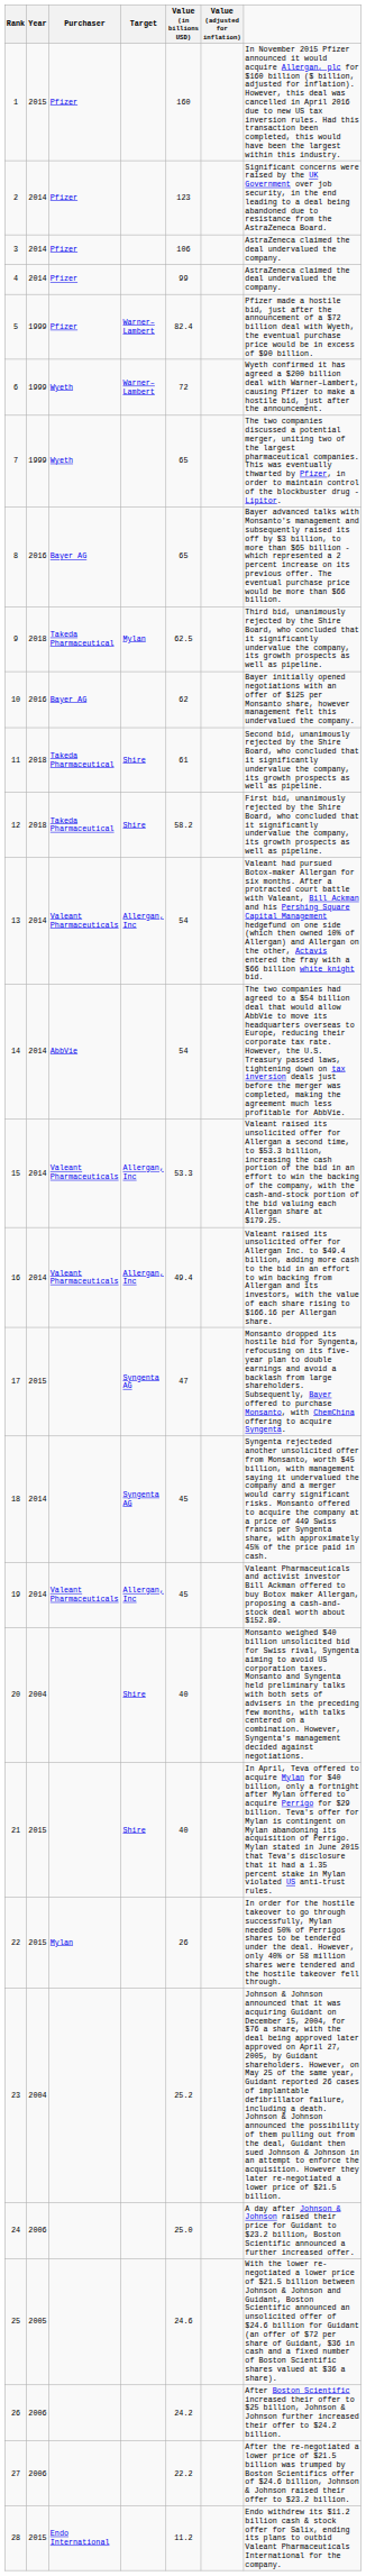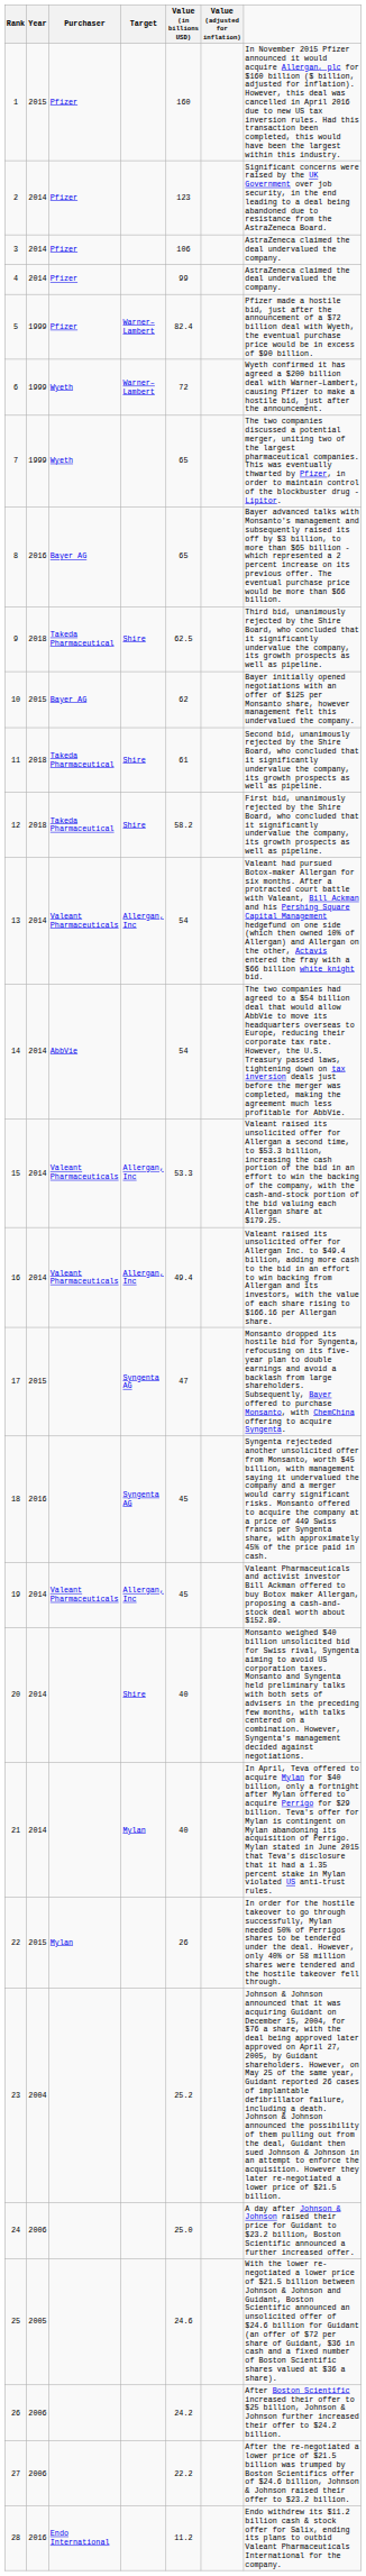 <table class="wikitable sortable">
 <tr>
 <th>Rank</th>
 <th>Year</th>
 <th>Purchaser</th>
 <th>Target</th>
 <th>Value<br><small>(in billions USD)</small></th>
 <th>Value<br><small>(adjusted for inflation)</small></th>
 </tr>
 <tr>
 <td style="text-align:center;">1</td>
 <td>2015</td>
 <td> <a href='#'>Pfizer</a></td>
 <td></td>
 <td style="text-align:center;">160</td>
 <td style="text-align:center;"></td>
 <td>In November 2015 Pfizer announced it would acquire <a href='#'>Allergan, plc</a> for $160 billion ($ billion, adjusted for inflation). However, this deal was cancelled in April 2016 due to new US tax inversion rules. Had this transaction been completed, this would have been the largest within this industry.</td>
 </tr>
 <tr>
 <td style="text-align:center;">2</td>
 <td>2014</td>
 <td> <a href='#'>Pfizer</a></td>
 <td></td>
 <td style="text-align:center;">123</td>
 <td style="text-align:center;"></td>
 <td>Significant concerns were raised by the <a href='#'>UK Government</a> over job security, in the end leading to a deal being abandoned due to resistance from the AstraZeneca Board.</td>
 </tr>
 <tr>
 <td style="text-align:center;">3</td>
 <td>2014</td>
 <td> <a href='#'>Pfizer</a></td>
 <td></td>
 <td style="text-align:center;">106</td>
 <td style="text-align:center;"></td>
 <td>AstraZeneca claimed the deal undervalued the company.</td>
 </tr>
 <tr>
 <td style="text-align:center;">4</td>
 <td style="text-align:center;">2014</td>
 <td> <a href='#'>Pfizer</a></td>
 <td></td>
 <td style="text-align:center;">99</td>
 <td style="text-align:center;"></td>
 <td>AstraZeneca claimed the deal undervalued the company.</td>
 </tr>
 <tr>
 <td style="text-align:center;">5</td>
 <td>1999</td>
 <td> <a href='#'>Pfizer</a></td>
 <td> <a href='#'>Warner–Lambert</a></td>
 <td style="text-align:center;">82.4</td>
 <td style="text-align:center;"></td>
 <td>Pfizer made a hostile bid, just after the announcement of a $72 billion deal with Wyeth, the eventual purchase price would be in excess of $90 billion.</td>
 </tr>
 <tr>
 <td style="text-align:center;">6</td>
 <td>1999</td>
 <td> <a href='#'>Wyeth</a></td>
 <td> <a href='#'>Warner–Lambert</a></td>
 <td style="text-align:center;">72</td>
 <td style="text-align:center;"></td>
 <td>Wyeth confirmed it has agreed a $200 billion deal with Warner–Lambert, causing Pfizer to make a hostile bid, just after the announcement.</td>
 </tr>
 <tr>
 <td style="text-align:center;">7</td>
 <td>1999</td>
 <td> <a href='#'>Wyeth</a></td>
 <td></td>
 <td style="text-align:center;">65</td>
 <td style="text-align:center;"></td>
 <td>The two companies discussed a potential merger, uniting two of the largest pharmaceutical companies. This was eventually thwarted by <a href='#'>Pfizer</a>, in order to maintain control of the blockbuster drug - <a href='#'>Lipitor</a>.</td>
 </tr>
 <tr>
 <td style="text-align:center;">8</td>
 <td>2016</td>
 <td> <a href='#'>Bayer AG</a></td>
 <td></td>
 <td style="text-align:center;">65</td>
 <td style="text-align:center;"></td>
 <td>Bayer advanced talks with Monsanto's management and subsequently raised its off by $3 billion, to more than $65 billion - which represented a 2 percent increase on its previous offer. The eventual purchase price would be more than $66 billion.</td>
 </tr>
 <tr>
 <td style="text-align:center;">9</td>
 <td>2018</td>
 <td> <a href='#'>Takeda Pharmaceutical</a></td>
-<td> <a href='#'>Mylan</a></td>
+<td> <a href='#'>Shire</a></td>
 <td style="text-align:center;">62.5</td>
 <td style="text-align:center;"></td>
 <td>Third bid, unanimously rejected by the Shire Board, who concluded that it significantly undervalue the company, its growth prospects as well as pipeline.</td>
 </tr>
 <tr>
 <td style="text-align:center;">10</td>
-<td>2016</td>
+<td>2015</td>
 <td> <a href='#'>Bayer AG</a></td>
 <td></td>
 <td style="text-align:center;">62</td>
 <td style="text-align:center;"></td>
 <td>Bayer initially opened negotiations with an offer of $125 per Monsanto share, however management felt this undervalued the company.</td>
 </tr>
 <tr>
 <td style="text-align:center;">11</td>
 <td>2018</td>
 <td> <a href='#'>Takeda Pharmaceutical</a></td>
 <td> <a href='#'>Shire</a></td>
 <td style="text-align:center;">61</td>
 <td style="text-align:center;"></td>
 <td>Second bid, unanimously rejected by the Shire Board, who concluded that it significantly undervalue the company, its growth prospects as well as pipeline.</td>
 </tr>
 <tr>
 <td style="text-align:center;">12</td>
 <td>2018</td>
 <td> <a href='#'>Takeda Pharmaceutical</a></td>
 <td> <a href='#'>Shire</a></td>
 <td style="text-align:center;">58.2</td>
 <td style="text-align:center;"></td>
 <td>First bid, unanimously rejected by the Shire Board, who concluded that it significantly undervalue the company, its growth prospects as well as pipeline.</td>
 </tr>
 <tr>
 <td style="text-align:center;">13</td>
 <td>2014</td>
 <td> <a href='#'>Valeant Pharmaceuticals</a></td>
 <td> <a href='#'>Allergan, Inc</a></td>
 <td style="text-align:center;">54</td>
 <td style="text-align:center;"></td>
 <td>Valeant had pursued Botox-maker Allergan for six months. After a protracted court battle with Valeant, <a href='#'>Bill Ackman</a> and his <a href='#'>Pershing Square Capital Management</a> hedgefund on one side (which then owned 10% of Allergan) and Allergan on the other, <a href='#'>Actavis</a> entered the fray with a $66 billion <a href='#'>white knight</a> bid.</td>
 </tr>
 <tr>
 <td style="text-align:center;">14</td>
 <td>2014</td>
 <td> <a href='#'>AbbVie</a></td>
 <td></td>
 <td style="text-align:center;">54</td>
 <td style="text-align:center;"></td>
 <td>The two companies had agreed to a $54 billion deal that would allow AbbVie to move its headquarters overseas to Europe, reducing their corporate tax rate. However, the U.S. Treasury passed laws, tightening down on <a href='#'>tax inversion</a> deals just before the merger was completed, making the agreement much less profitable for AbbVie.</td>
 </tr>
 <tr>
 <td style="text-align:center;">15</td>
 <td>2014</td>
 <td> <a href='#'>Valeant Pharmaceuticals</a></td>
 <td> <a href='#'>Allergan, Inc</a></td>
 <td style="text-align:center;">53.3</td>
 <td style="text-align:center;"></td>
 <td>Valeant raised its unsolicited offer for Allergan a second time, to $53.3 billion, increasing the cash portion of the bid in an effort to win the backing of the company, with the cash-and-stock portion of the bid valuing each Allergan share at $179.25.</td>
 </tr>
 <tr>
 <td style="text-align:center;">16</td>
 <td>2014</td>
 <td> <a href='#'>Valeant Pharmaceuticals</a></td>
 <td> <a href='#'>Allergan, Inc</a></td>
 <td style="text-align:center;">49.4</td>
 <td style="text-align:center;"></td>
 <td>Valeant raised its unsolicited offer for Allergan Inc. to $49.4 billion, adding more cash to the bid in an effort to win backing from Allergan and its investors, with the value of each share rising to $166.16 per Allergan share.</td>
 </tr>
 <tr>
 <td style="text-align:center;">17</td>
 <td>2015</td>
 <td></td>
 <td> <a href='#'>Syngenta AG</a></td>
 <td style="text-align:center;">47</td>
 <td style="text-align:center;"></td>
 <td>Monsanto dropped its hostile bid for Syngenta, refocusing on its five-year plan to double earnings and avoid a backlash from large shareholders. Subsequently, <a href='#'>Bayer</a> offered to purchase <a href='#'>Monsanto</a>, with <a href='#'>ChemChina</a> offering to acquire <a href='#'>Syngenta</a>.</td>
 </tr>
 <tr>
 <td style="text-align:center;">18</td>
-<td>2014</td>
+<td>2016</td>
 <td></td>
 <td> <a href='#'>Syngenta AG</a></td>
 <td style="text-align:center;">45</td>
 <td style="text-align:center;"></td>
 <td>Syngenta rejecteded another unsolicited offer from Monsanto, worth $45 billion, with management saying it undervalued the company and a merger would carry significant risks. Monsanto offered to acquire the company at a price of 449 Swiss francs per Syngenta share, with approximately 45% of the price paid in cash.</td>
 </tr>
 <tr>
 <td style="text-align:center;">19</td>
 <td>2014</td>
 <td> <a href='#'>Valeant Pharmaceuticals</a></td>
 <td> <a href='#'>Allergan, Inc</a></td>
 <td style="text-align:center;">45</td>
 <td style="text-align:center;"></td>
 <td>Valeant Pharmaceuticals and activist investor Bill Ackman offered to buy Botox maker Allergan, proposing a cash-and-stock deal worth about $152.89.</td>
 </tr>
 <tr>
 <td style="text-align:center;">20</td>
-<td>2004</td>
+<td>2014</td>
 <td></td>
 <td> <a href='#'>Shire</a></td>
 <td style="text-align:center;">40</td>
 <td style="text-align:center;"></td>
 <td>Monsanto weighed $40 billion unsolicited bid for Swiss rival, Syngenta aiming to avoid US corporation taxes. Monsanto and Syngenta held preliminary talks with both sets of advisers in the preceding few months, with talks centered on a combination. However, Syngenta's management decided against negotiations.</td>
 </tr>
 <tr>
 <td style="text-align:center;">21</td>
-<td>2015</td>
+<td>2014</td>
 <td></td>
-<td> <a href='#'>Shire</a></td>
+<td> <a href='#'>Mylan</a></td>
 <td style="text-align:center;">40</td>
 <td style="text-align:center;"></td>
 <td>In April, Teva offered to acquire <a href='#'>Mylan</a> for $40 billion, only a fortnight after Mylan offered to acquire <a href='#'>Perrigo</a> for $29 billion.  Teva's offer for Mylan is contingent on Mylan abandoning its acquisition of Perrigo. Mylan stated in June 2015 that Teva's disclosure that it had a 1.35 percent stake in Mylan violated <a href='#'>US</a> anti-trust rules.</td>
 </tr>
 <tr>
 <td style="text-align:center;">22</td>
 <td>2015</td>
 <td> <a href='#'>Mylan</a></td>
 <td></td>
 <td style="text-align:center;">26</td>
 <td style="text-align:center;"></td>
 <td>In order for the hostile takeover to go through successfully, Mylan needed 50% of Perrigos shares to be tendered under the deal. However, only 40% or 58 million shares were tendered and the hostile takeover fell through.</td>
 </tr>
 <tr>
 <td style="text-align:center;">23</td>
 <td>2004</td>
 <td></td>
 <td></td>
 <td style="text-align:center;">25.2</td>
 <td style="text-align:center;"></td>
 <td>Johnson & Johnson announced that it was acquiring Guidant on December 15, 2004, for $76 a share, with the deal being approved later approved on April 27, 2005, by Guidant shareholders. However, on May 25 of the same year, Guidant reported 26 cases of implantable defibrillator failure, including a death. Johnson & Johnson announced the possibility of them pulling out from the deal, Guidant then sued Johnson & Johnson in an attempt to enforce the acquisition. However they later re-negotiated a lower price of $21.5 billion.</td>
 </tr>
 <tr>
 <td style="text-align:center;">24</td>
 <td>2006</td>
 <td></td>
 <td></td>
 <td style="text-align:center;">25.0</td>
 <td style="text-align:center;"></td>
 <td>A day after <a href='#'>Johnson & Johnson</a> raised their price for Guidant to $23.2 billion, Boston Scientific announced a further increased offer.</td>
 </tr>
 <tr>
 <td style="text-align:center;">25</td>
 <td>2005</td>
 <td></td>
 <td></td>
 <td style="text-align:center;">24.6</td>
 <td style="text-align:center;"></td>
 <td>With the lower  re-negotiated a lower price of $21.5 billion between Johnson & Johnson and Guidant, Boston Scientific announced an unsolicited offer of $24.6 billion for Guidant (an offer of $72 per share of Guidant, $36 in cash and a fixed number of Boston Scientific shares valued at $36 a share).</td>
 </tr>
 <tr>
 <td style="text-align:center;">26</td>
 <td>2006</td>
 <td></td>
 <td></td>
 <td style="text-align:center;">24.2</td>
 <td style="text-align:center;"></td>
 <td>After <a href='#'>Boston Scientific</a> increased their offer to $25 billion, Johnson & Johnson further increased their offer to $24.2 billion.</td>
 </tr>
 <tr>
 <td style="text-align:center;">27</td>
 <td>2006</td>
 <td></td>
 <td></td>
 <td style="text-align:center;">22.2</td>
 <td style="text-align:center;"></td>
 <td>After the  re-negotiated a lower price of $21.5 billion was trumped by Boston Scientifics offer of $24.6 billion, Johnson & Johnson raised their offer to  $23.2 billion.</td>
 </tr>
 <tr>
 <td style="text-align:center;">28</td>
-<td>2015</td>
+<td>2016</td>
 <td> <a href='#'>Endo International</a></td>
 <td></td>
 <td style="text-align:center;">11.2</td>
 <td style="text-align:center;"></td>
 <td>Endo withdrew its $11.2 billion cash & stock offer for Salix, ending its plans to outbid Valeant Pharmaceuticals International for the company.</td>
 </tr>
 </table>
